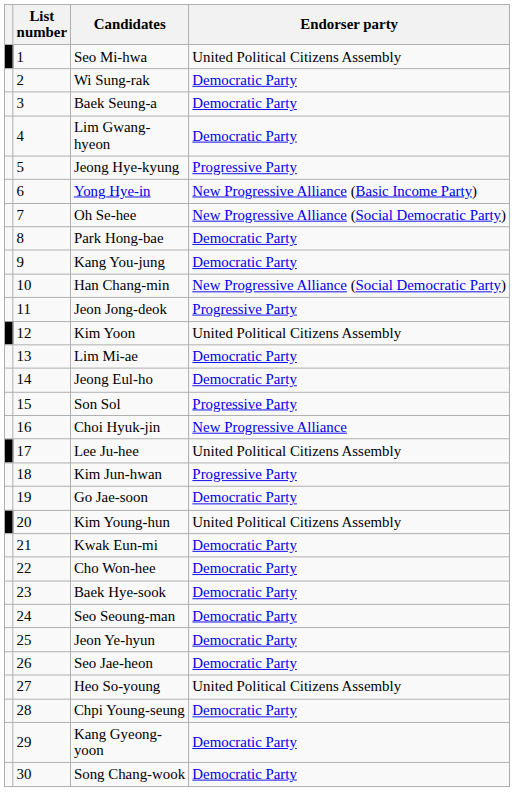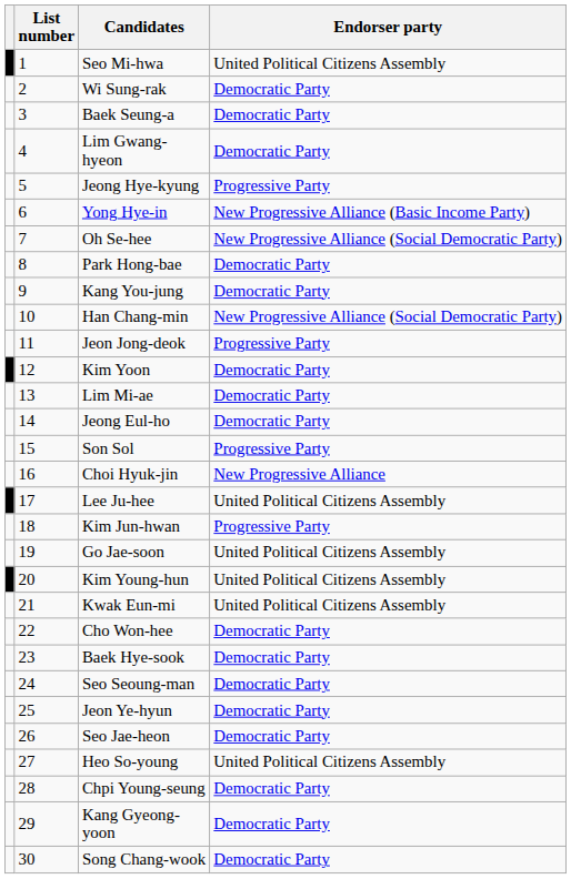 <table class="wikitable sortable">
 <tr>
 <th scope="col" style="width:2px;" class="unsortable"></th>
 <th scope="col" style="width:30px;">List number</th>
 <th scope="col" style="width:120px;">Candidates</th>
 <th scope="col">Endorser party</th>
 </tr>
 <tr>
 <td scope="row" style="background-color:#000"></td>
 <td>1</td>
 <td>Seo Mi-hwa</td>
 <td>United Political Citizens Assembly</td>
 </tr>
 <tr>
 <td scope="row" style="background-color:"></td>
 <td>2</td>
 <td>Wi Sung-rak</td>
 <td><a href='#'>Democratic Party</a></td>
 </tr>
 <tr>
 <td scope="row" style="background-color:"></td>
 <td>3</td>
 <td>Baek Seung-a</td>
 <td><a href='#'>Democratic Party</a></td>
 </tr>
 <tr>
 <td scope="row" style="background-color:"></td>
 <td>4</td>
 <td>Lim Gwang-hyeon</td>
 <td><a href='#'>Democratic Party</a></td>
 </tr>
 <tr>
 <td scope="row" style="background-color:"></td>
 <td>5</td>
 <td>Jeong Hye-kyung</td>
 <td><a href='#'>Progressive Party</a></td>
 </tr>
 <tr>
 <td scope="row" style="background-color:"></td>
 <td>6</td>
 <td><a href='#'>Yong Hye-in</a></td>
 <td><a href='#'>New Progressive Alliance</a> (<a href='#'>Basic Income Party</a>)</td>
 </tr>
 <tr>
 <td scope="row" style="background-color:"></td>
 <td>7</td>
 <td>Oh Se-hee</td>
 <td><a href='#'>New Progressive Alliance</a> (<a href='#'>Social Democratic Party</a>)</td>
 </tr>
 <tr>
 <td scope="row" style="background-color:"></td>
 <td>8</td>
 <td>Park Hong-bae</td>
 <td><a href='#'>Democratic Party</a></td>
 </tr>
 <tr>
 <td scope="row" style="background-color:"></td>
 <td>9</td>
 <td>Kang You-jung</td>
 <td><a href='#'>Democratic Party</a></td>
 </tr>
 <tr>
 <td scope="row" style="background-color:"></td>
 <td>10</td>
 <td>Han Chang-min</td>
 <td><a href='#'>New Progressive Alliance</a> (<a href='#'>Social Democratic Party</a>)</td>
 </tr>
 <tr>
 <td scope="row" style="background-color:"></td>
 <td>11</td>
 <td>Jeon Jong-deok</td>
 <td><a href='#'>Progressive Party</a></td>
 </tr>
 <tr>
 <td scope="row" style="background-color:#000"></td>
 <td>12</td>
 <td>Kim Yoon</td>
-<td>United Political Citizens Assembly</td>
+<td><a href='#'>Democratic Party</a></td>
 </tr>
 <tr>
 <td scope="row" style="background-color:"></td>
 <td>13</td>
 <td>Lim Mi-ae</td>
 <td><a href='#'>Democratic Party</a></td>
 </tr>
 <tr>
 <td scope="row" style="background-color:"></td>
 <td>14</td>
 <td>Jeong Eul-ho</td>
 <td><a href='#'>Democratic Party</a></td>
 </tr>
 <tr>
 <td scope="row" style="background-color:"></td>
 <td>15</td>
 <td>Son Sol</td>
 <td><a href='#'>Progressive Party</a></td>
 </tr>
 <tr>
 <td scope="row" style="background-color:"></td>
 <td>16</td>
 <td>Choi Hyuk-jin</td>
 <td><a href='#'>New Progressive Alliance</a></td>
 </tr>
 <tr>
 <td scope="row" style="background-color:#000"></td>
 <td>17</td>
 <td>Lee Ju-hee</td>
 <td>United Political Citizens Assembly</td>
 </tr>
 <tr>
 <td scope="row" style="background-color:"></td>
 <td>18</td>
 <td>Kim Jun-hwan</td>
 <td><a href='#'>Progressive Party</a></td>
 </tr>
 <tr>
 <td scope="row" style="background-color:"></td>
 <td>19</td>
 <td>Go Jae-soon</td>
-<td><a href='#'>Democratic Party</a></td>
+<td>United Political Citizens Assembly</td>
 </tr>
 <tr>
 <td scope="row" style="background-color:#000"></td>
 <td>20</td>
 <td>Kim Young-hun</td>
 <td>United Political Citizens Assembly</td>
 </tr>
 <tr>
 <td scope="row" style="background-color:"></td>
 <td>21</td>
 <td>Kwak Eun-mi</td>
-<td><a href='#'>Democratic Party</a></td>
+<td>United Political Citizens Assembly</td>
 </tr>
 <tr>
 <td scope="row" style="background-color:"></td>
 <td>22</td>
 <td>Cho Won-hee</td>
 <td><a href='#'>Democratic Party</a></td>
 </tr>
 <tr>
 <td scope="row" style="background-color:"></td>
 <td>23</td>
 <td>Baek Hye-sook</td>
 <td><a href='#'>Democratic Party</a></td>
 </tr>
 <tr>
 <td scope="row" style="background-color:"></td>
 <td>24</td>
 <td>Seo Seoung-man</td>
 <td><a href='#'>Democratic Party</a></td>
 </tr>
 <tr>
 <td scope="row" style="background-color:"></td>
 <td>25</td>
 <td>Jeon Ye-hyun</td>
 <td><a href='#'>Democratic Party</a></td>
 </tr>
 <tr>
 <td scope="row" style="background-color:"></td>
 <td>26</td>
 <td>Seo Jae-heon</td>
 <td><a href='#'>Democratic Party</a></td>
 </tr>
 <tr>
 <td scope="row" style="background-color:"></td>
 <td>27</td>
 <td>Heo So-young</td>
 <td>United Political Citizens Assembly</td>
 </tr>
 <tr>
 <td scope="row" style="background-color:"></td>
 <td>28</td>
 <td>Chpi Young-seung</td>
 <td><a href='#'>Democratic Party</a></td>
 </tr>
 <tr>
 <td scope="row" style="background-color:"></td>
 <td>29</td>
 <td>Kang Gyeong-yoon</td>
 <td><a href='#'>Democratic Party</a></td>
 </tr>
 <tr>
 <td scope="row" style="background-color:"></td>
 <td>30</td>
 <td>Song Chang-wook</td>
 <td><a href='#'>Democratic Party</a></td>
 </tr>
 </table>
